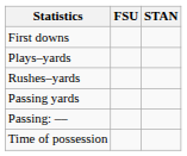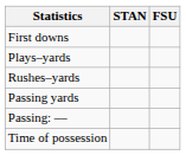 <table class="wikitable" style="float:left">
 <tr>
 <th>Statistics</th>
+<th>STAN</th>
 <th>FSU</th>
-<th>STAN</th>
 </tr>
 <tr>
 <td>First downs</td>
 <td></td>
 <td></td>
 </tr>
 <tr>
 <td>Plays–yards</td>
 <td></td>
 <td></td>
 </tr>
 <tr>
 <td>Rushes–yards</td>
 <td></td>
 <td></td>
 </tr>
 <tr>
 <td>Passing yards</td>
 <td></td>
 <td></td>
 </tr>
 <tr>
 <td>Passing: ––</td>
 <td></td>
 <td></td>
 </tr>
 <tr>
 <td>Time of possession</td>
 <td></td>
 <td></td>
 </tr>
 </table>
